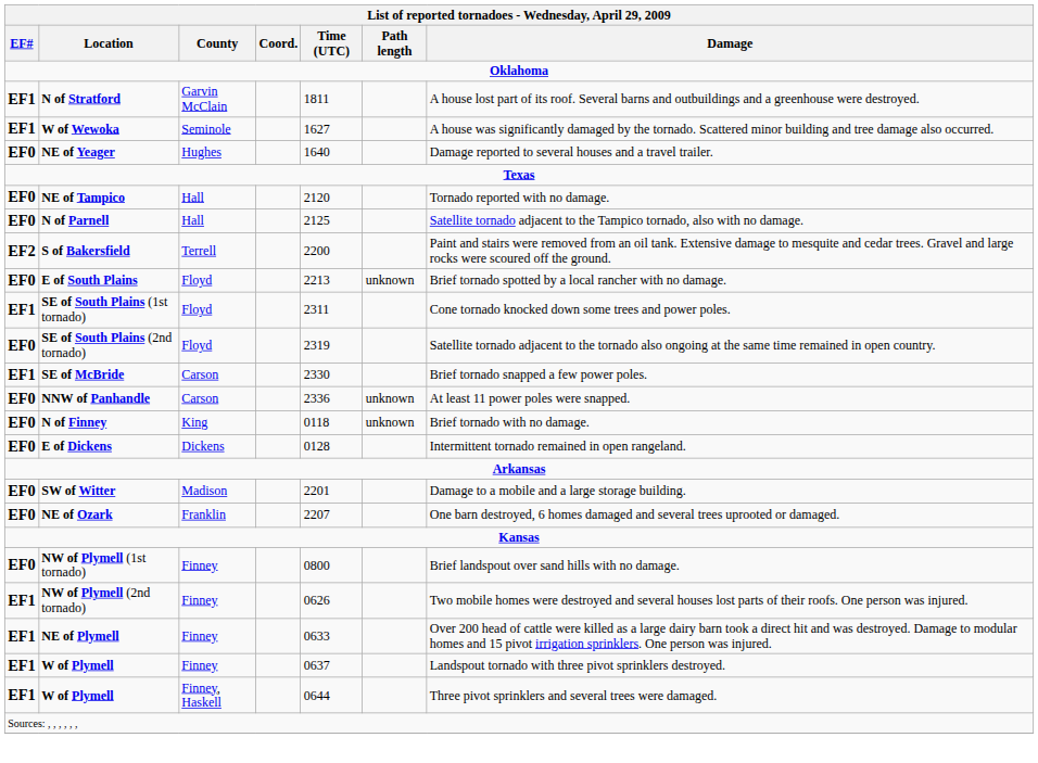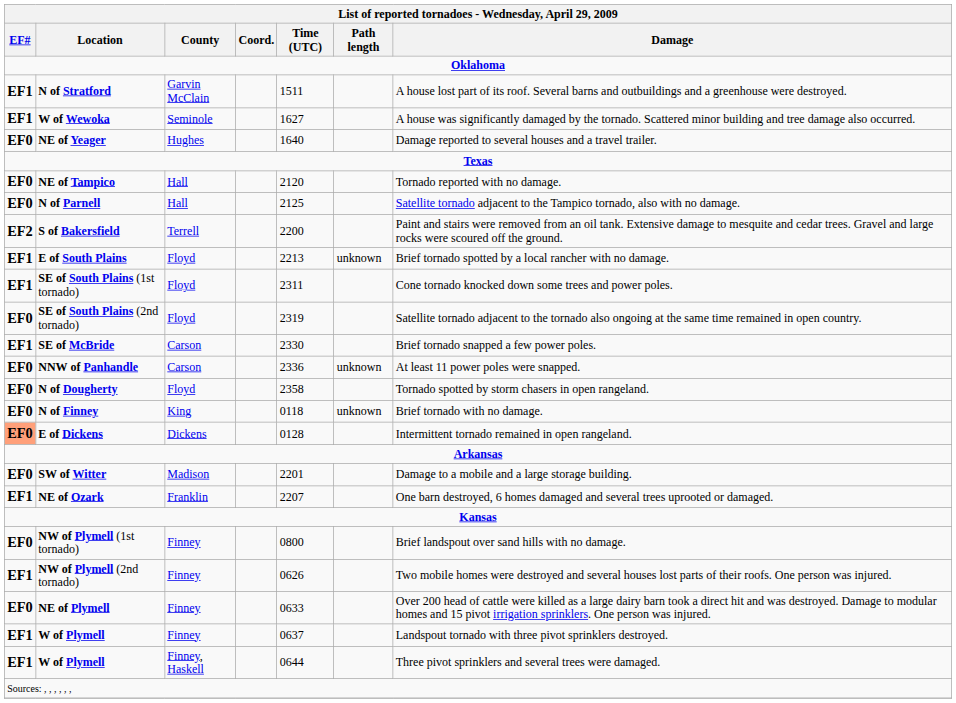 <table class="wikitable collapsible" width="100%">
 <tr>
 <th colspan="7">List of reported tornadoes - Wednesday, April 29, 2009</th>
 </tr>
 <tr>
 <th><a href='#'>EF#</a></th>
 <th>Location</th>
 <th>County</th>
 <th>Coord.</th>
 <th>Time (UTC)</th>
 <th>Path length</th>
 <th>Damage</th>
 </tr>
 <tr>
 <td colspan="7" align=center><strong><a href='#'>Oklahoma</a></strong></td>
 </tr>
 <tr>
 <td><big><strong>EF1</strong></big></td>
 <td><strong>N of <a href='#'>Stratford</a></strong></td>
 <td><a href='#'>Garvin</a> <a href='#'>McClain</a></td>
 <td></td>
-<td>1811</td>
+<td>1511</td>
 <td></td>
 <td>A house lost part of its roof. Several barns and outbuildings and a greenhouse were destroyed.</td>
 </tr>
 <tr>
 <td><big><strong>EF1</strong></big></td>
 <td><strong>W of <a href='#'>Wewoka</a></strong></td>
 <td><a href='#'>Seminole</a></td>
 <td></td>
 <td>1627</td>
 <td></td>
 <td>A house was significantly damaged by the tornado. Scattered minor building and tree damage also occurred.</td>
 </tr>
 <tr>
 <td><big><strong>EF0</strong></big></td>
 <td><strong>NE of <a href='#'>Yeager</a></strong></td>
 <td><a href='#'>Hughes</a></td>
 <td></td>
 <td>1640</td>
 <td></td>
 <td>Damage reported to several houses and a travel trailer.</td>
 </tr>
 <tr>
 <td colspan="7" align=center><strong><a href='#'>Texas</a></strong></td>
 </tr>
 <tr>
 <td><big><strong>EF0</strong></big></td>
 <td><strong>NE of <a href='#'>Tampico</a></strong></td>
 <td><a href='#'>Hall</a></td>
 <td></td>
 <td>2120</td>
 <td></td>
 <td>Tornado reported with no damage.</td>
 </tr>
 <tr>
 <td><big><strong>EF0</strong></big></td>
 <td><strong>N of <a href='#'>Parnell</a></strong></td>
 <td><a href='#'>Hall</a></td>
 <td></td>
 <td>2125</td>
 <td></td>
 <td><a href='#'>Satellite tornado</a> adjacent to the Tampico tornado, also with no damage.</td>
 </tr>
 <tr>
 <td><big><strong>EF2</strong></big></td>
 <td><strong>S of <a href='#'>Bakersfield</a></strong></td>
 <td><a href='#'>Terrell</a></td>
 <td></td>
 <td>2200</td>
 <td></td>
 <td>Paint and stairs were removed from an oil tank. Extensive damage to mesquite and cedar trees. Gravel and large rocks were scoured off the ground.</td>
 </tr>
 <tr>
-<td><big><strong>EF0</strong></big></td>
+<td><big><strong>EF1</strong></big></td>
 <td><strong>E of <a href='#'>South Plains</a></strong></td>
 <td><a href='#'>Floyd</a></td>
 <td></td>
 <td>2213</td>
 <td>unknown</td>
 <td>Brief tornado spotted by a local rancher with no damage.</td>
 </tr>
 <tr>
 <td><big><strong>EF1</strong></big></td>
 <td><strong>SE of <a href='#'>South Plains</a></strong> (1st tornado)</td>
 <td><a href='#'>Floyd</a></td>
 <td></td>
 <td>2311</td>
 <td></td>
 <td>Cone tornado knocked down some trees and power poles.</td>
 </tr>
 <tr>
 <td><big><strong>EF0</strong></big></td>
 <td><strong>SE of <a href='#'>South Plains</a></strong> (2nd tornado)</td>
 <td><a href='#'>Floyd</a></td>
 <td></td>
 <td>2319</td>
 <td></td>
 <td>Satellite tornado adjacent to the tornado also ongoing at the same time remained in open country.</td>
 </tr>
 <tr>
 <td><big><strong>EF1</strong></big></td>
 <td><strong>SE of <a href='#'>McBride</a></strong></td>
 <td><a href='#'>Carson</a></td>
 <td></td>
 <td>2330</td>
 <td></td>
 <td>Brief tornado snapped a few power poles.</td>
 </tr>
 <tr>
 <td><big><strong>EF0</strong></big></td>
 <td><strong>NNW of <a href='#'>Panhandle</a></strong></td>
 <td><a href='#'>Carson</a></td>
 <td></td>
 <td>2336</td>
 <td>unknown</td>
 <td>At least 11 power poles were snapped.</td>
 </tr>
 <tr>
 <td><big><strong>EF0</strong></big></td>
+<td><strong>N of <a href='#'>Dougherty</a></strong></td>
+<td><a href='#'>Floyd</a></td>
+<td></td>
+<td>2358</td>
+<td></td>
+<td>Tornado spotted by storm chasers in open rangeland.</td>
+</tr>
+<tr>
+<td><big><strong>EF0</strong></big></td>
 <td><strong>N of <a href='#'>Finney</a></strong></td>
 <td><a href='#'>King</a></td>
 <td></td>
 <td>0118</td>
 <td>unknown</td>
 <td>Brief tornado with no damage.</td>
 </tr>
 <tr>
-<td><big><strong>EF0</strong></big></td>
+<td style="background: lightsalmon;"><big><strong>EF0</strong></big></td>
 <td><strong>E of <a href='#'>Dickens</a></strong></td>
 <td><a href='#'>Dickens</a></td>
 <td></td>
 <td>0128</td>
 <td></td>
 <td>Intermittent tornado remained in open rangeland.</td>
 </tr>
 <tr>
 <td colspan="7" align=center><strong><a href='#'>Arkansas</a></strong></td>
 </tr>
 <tr>
 <td><big><strong>EF0</strong></big></td>
 <td><strong>SW of <a href='#'>Witter</a></strong></td>
 <td><a href='#'>Madison</a></td>
 <td></td>
 <td>2201</td>
 <td></td>
 <td>Damage to a mobile and a large storage building.</td>
 </tr>
 <tr>
-<td><big><strong>EF0</strong></big></td>
+<td><big><strong>EF1</strong></big></td>
 <td><strong>NE of <a href='#'>Ozark</a></strong></td>
 <td><a href='#'>Franklin</a></td>
 <td></td>
 <td>2207</td>
 <td></td>
 <td>One barn destroyed, 6 homes damaged and several trees uprooted or damaged.</td>
 </tr>
 <tr>
 <td colspan="7" align=center><strong><a href='#'>Kansas</a></strong></td>
 </tr>
 <tr>
 <td><big><strong>EF0</strong></big></td>
 <td><strong>NW of <a href='#'>Plymell</a></strong> (1st tornado)</td>
 <td><a href='#'>Finney</a></td>
 <td></td>
 <td>0800</td>
 <td></td>
 <td>Brief landspout over sand hills with no damage.</td>
 </tr>
 <tr>
 <td><big><strong>EF1</strong></big></td>
 <td><strong>NW of <a href='#'>Plymell</a></strong> (2nd tornado)</td>
 <td><a href='#'>Finney</a></td>
 <td></td>
 <td>0626</td>
 <td></td>
 <td>Two mobile homes were destroyed and several houses lost parts of their roofs. One person was injured.</td>
 </tr>
 <tr>
-<td><big><strong>EF1</strong></big></td>
+<td><big><strong>EF0</strong></big></td>
 <td><strong>NE of <a href='#'>Plymell</a></strong></td>
 <td><a href='#'>Finney</a></td>
 <td></td>
 <td>0633</td>
 <td></td>
 <td>Over 200 head of cattle were killed as a large dairy barn took a direct hit and was destroyed. Damage to modular homes and 15 pivot <a href='#'>irrigation sprinklers</a>. One person was injured.</td>
 </tr>
 <tr>
 <td><big><strong>EF1</strong></big></td>
 <td><strong>W of <a href='#'>Plymell</a></strong></td>
 <td><a href='#'>Finney</a></td>
 <td></td>
 <td>0637</td>
 <td></td>
 <td>Landspout tornado with three pivot sprinklers destroyed.</td>
 </tr>
 <tr>
 <td><big><strong>EF1</strong></big></td>
 <td><strong>W of <a href='#'>Plymell</a></strong></td>
 <td><a href='#'>Finney</a>, <a href='#'>Haskell</a></td>
 <td></td>
 <td>0644</td>
 <td></td>
 <td>Three pivot sprinklers and several trees were damaged.</td>
 </tr>
 <tr>
 <td colspan="7"><small>Sources: , , , , , , </small></td>
 </tr>
 <tr>
 </tr>
 </table>
